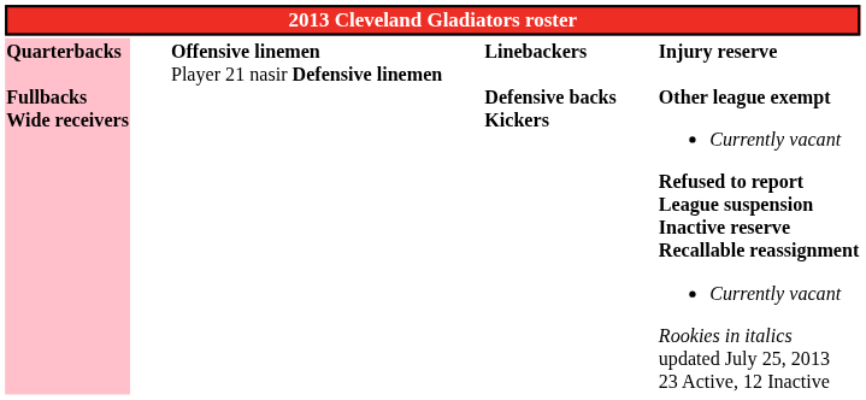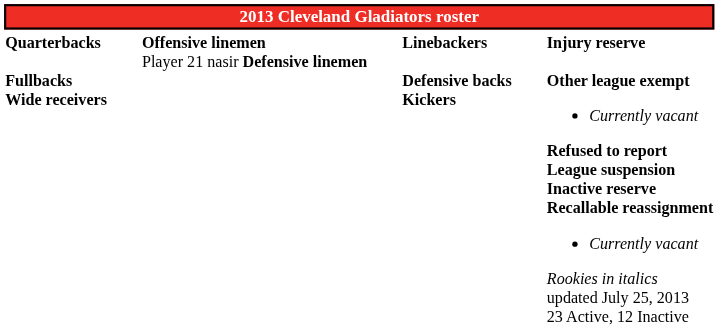 <table class="toccolours" style="text-align: left;">
 <tr>
 <th colspan=7 style="background:#EE2D24; border: 2px solid black; color:white; text-align:center;"><strong>2013 Cleveland Gladiators roster</strong></th>
 </tr>
 <tr>
-<td style="background: pink; font-size: 95%;" valign="top"><strong>Quarterbacks</strong><br> <br><strong>Fullbacks</strong> <br><strong>Wide receivers</strong>      </td>
+<td style="font-size: 95%;" valign="top"><strong>Quarterbacks</strong><br> <br><strong>Fullbacks</strong> <br><strong>Wide receivers</strong>      </td>
 <td style="width: 25px;"></td>
 <td style="font-size: 95%;" valign="top"><strong>Offensive linemen</strong><br>    Player 21 nasir <strong>Defensive linemen</strong>    </td>
 <td style="width: 25px;"></td>
 <td style="font-size: 95%;" valign="top"><strong>Linebackers</strong><br><br><strong>Defensive backs</strong>    <br><strong>Kickers</strong> </td>
 <td style="width: 25px;"></td>
 <td style="font-size: 95%;" valign="top"><strong>Injury reserve</strong><br>      <br><strong>Other league exempt</strong><ul><li><em>Currently vacant</em></li></ul><strong>Refused to report</strong>   <br><strong>League suspension</strong> <br><strong>Inactive reserve</strong> <br><strong>Recallable reassignment</strong><ul><li><em>Currently vacant</em></li></ul> <em>Rookies in italics</em><br> <span></span> updated July 25, 2013<br> 23 Active, 12 Inactive </td>
 </tr>
 <tr>
 </tr>
 </table>
